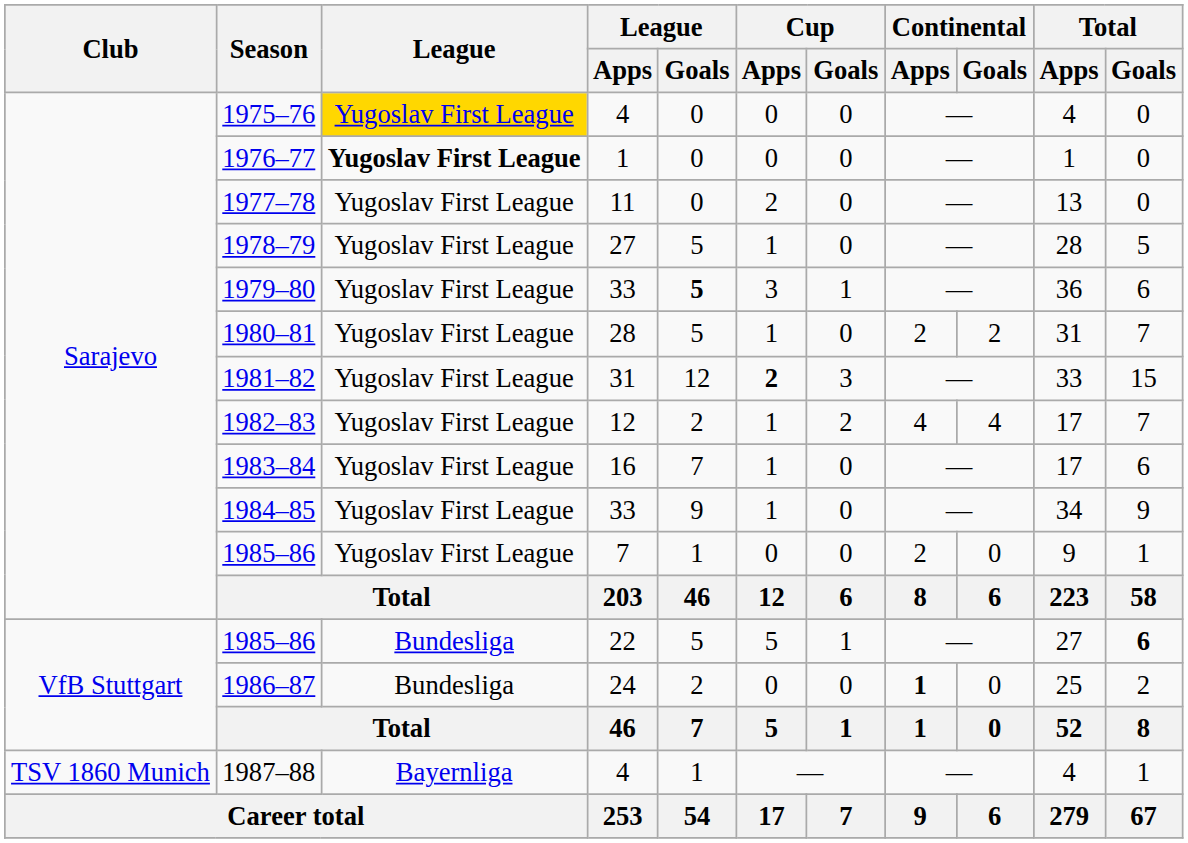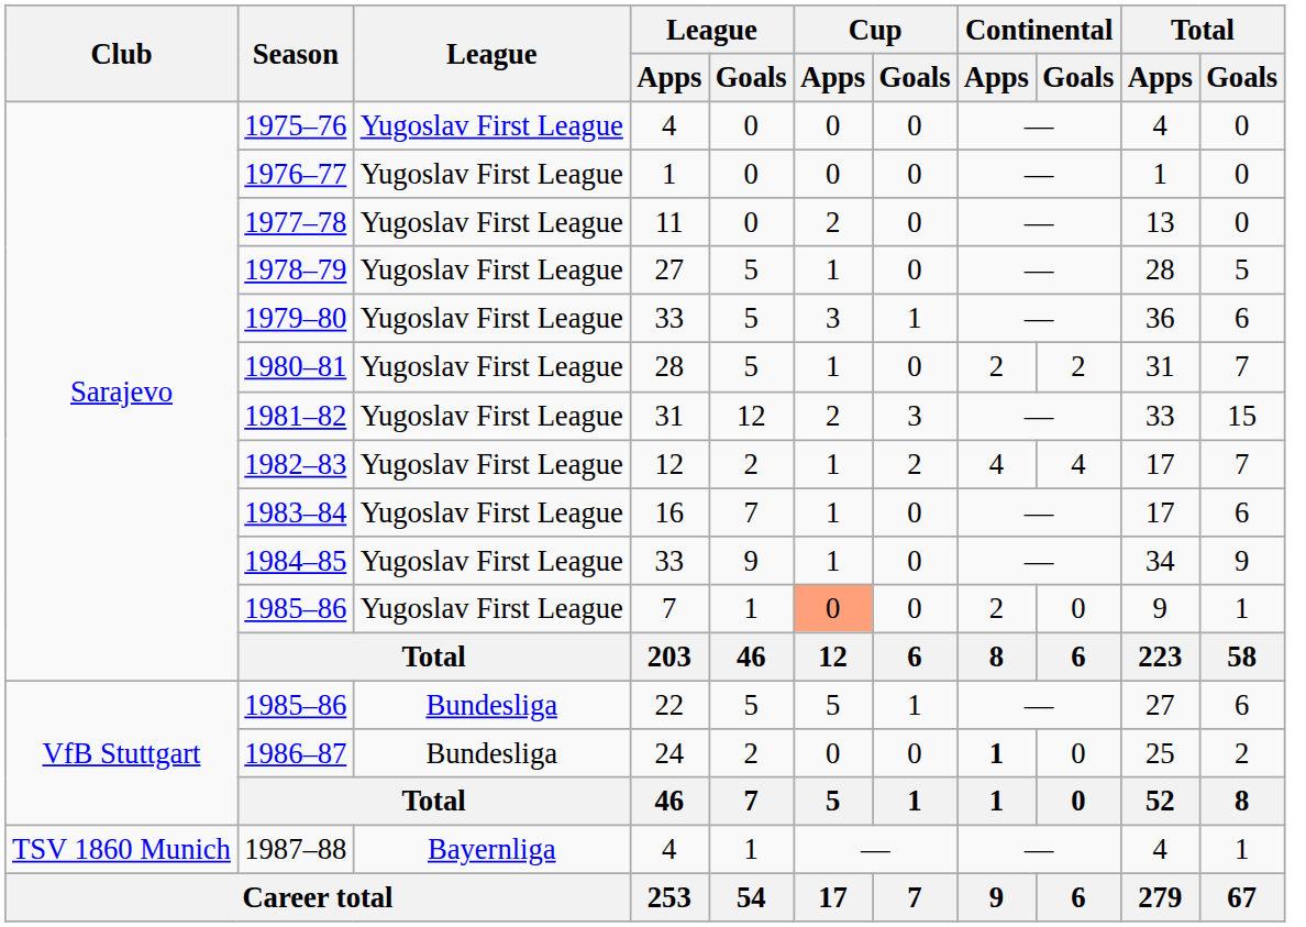 <table class="wikitable" style="text-align: center;font-size:95%">
 <tr>
 <th rowspan="2">Club</th>
 <th rowspan="2">Season</th>
 <th rowspan="2">League</th>
 <th colspan="2">League</th>
 <th colspan="2">Cup</th>
 <th colspan="2">Continental</th>
 <th colspan="2">Total</th>
 </tr>
 <tr>
 <th>Apps</th>
 <th>Goals</th>
 <th>Apps</th>
 <th>Goals</th>
 <th>Apps</th>
 <th>Goals</th>
 <th>Apps</th>
 <th>Goals</th>
 </tr>
 <tr>
 <td rowspan="12"><a href='#'>Sarajevo</a></td>
 <td><a href='#'>1975–76</a></td>
-<td style="background: gold;"><a href='#'>Yugoslav First League</a></td>
+<td><a href='#'>Yugoslav First League</a></td>
 <td>4</td>
 <td>0</td>
 <td>0</td>
 <td>0</td>
 <td colspan="2">—</td>
 <td>4</td>
 <td>0</td>
 </tr>
 <tr>
 <td><a href='#'>1976–77</a></td>
-<td><strong>Yugoslav First League</strong></td>
+<td>Yugoslav First League</td>
 <td>1</td>
 <td>0</td>
 <td>0</td>
 <td>0</td>
 <td colspan="2">—</td>
 <td>1</td>
 <td>0</td>
 </tr>
 <tr>
 <td><a href='#'>1977–78</a></td>
 <td>Yugoslav First League</td>
 <td>11</td>
 <td>0</td>
 <td>2</td>
 <td>0</td>
 <td colspan="2">—</td>
 <td>13</td>
 <td>0</td>
 </tr>
 <tr>
 <td><a href='#'>1978–79</a></td>
 <td>Yugoslav First League</td>
 <td>27</td>
 <td>5</td>
 <td>1</td>
 <td>0</td>
 <td colspan="2">—</td>
 <td>28</td>
 <td>5</td>
 </tr>
 <tr>
 <td><a href='#'>1979–80</a></td>
 <td>Yugoslav First League</td>
 <td>33</td>
-<td><strong>5</strong></td>
+<td>5</td>
 <td>3</td>
 <td>1</td>
 <td colspan="2">—</td>
 <td>36</td>
 <td>6</td>
 </tr>
 <tr>
 <td><a href='#'>1980–81</a></td>
 <td>Yugoslav First League</td>
 <td>28</td>
 <td>5</td>
 <td>1</td>
 <td>0</td>
 <td>2</td>
 <td>2</td>
 <td>31</td>
 <td>7</td>
 </tr>
 <tr>
 <td><a href='#'>1981–82</a></td>
 <td>Yugoslav First League</td>
 <td>31</td>
 <td>12</td>
-<td><strong>2</strong></td>
+<td>2</td>
 <td>3</td>
 <td colspan="2">—</td>
 <td>33</td>
 <td>15</td>
 </tr>
 <tr>
 <td><a href='#'>1982–83</a></td>
 <td>Yugoslav First League</td>
 <td>12</td>
 <td>2</td>
 <td>1</td>
 <td>2</td>
 <td>4</td>
 <td>4</td>
 <td>17</td>
 <td>7</td>
 </tr>
 <tr>
 <td><a href='#'>1983–84</a></td>
 <td>Yugoslav First League</td>
 <td>16</td>
 <td>7</td>
 <td>1</td>
 <td>0</td>
 <td colspan="2">—</td>
 <td>17</td>
 <td>6</td>
 </tr>
 <tr>
 <td><a href='#'>1984–85</a></td>
 <td>Yugoslav First League</td>
 <td>33</td>
 <td>9</td>
 <td>1</td>
 <td>0</td>
 <td colspan="2">—</td>
 <td>34</td>
 <td>9</td>
 </tr>
 <tr>
 <td><a href='#'>1985–86</a></td>
 <td>Yugoslav First League</td>
 <td>7</td>
 <td>1</td>
-<td>0</td>
+<td style="background: lightsalmon;">0</td>
 <td>0</td>
 <td>2</td>
 <td>0</td>
 <td>9</td>
 <td>1</td>
 </tr>
 <tr>
 <th colspan=2>Total</th>
 <th>203</th>
 <th>46</th>
 <th>12</th>
 <th>6</th>
 <th>8</th>
 <th>6</th>
 <th>223</th>
 <th>58</th>
 </tr>
 <tr>
 <td rowspan="3"><a href='#'>VfB Stuttgart</a></td>
 <td><a href='#'>1985–86</a></td>
 <td><a href='#'>Bundesliga</a></td>
 <td>22</td>
 <td>5</td>
 <td>5</td>
 <td>1</td>
 <td colspan="2">—</td>
 <td>27</td>
-<td><strong>6</strong></td>
+<td>6</td>
 </tr>
 <tr>
 <td><a href='#'>1986–87</a></td>
 <td>Bundesliga</td>
 <td>24</td>
 <td>2</td>
 <td>0</td>
 <td>0</td>
 <td><strong>1</strong></td>
 <td>0</td>
 <td>25</td>
 <td>2</td>
 </tr>
 <tr>
 <th colspan="2">Total</th>
 <th>46</th>
 <th>7</th>
 <th>5</th>
 <th>1</th>
 <th>1</th>
 <th>0</th>
 <th>52</th>
 <th>8</th>
 </tr>
 <tr>
 <td><a href='#'>TSV 1860 Munich</a></td>
 <td>1987–88</td>
 <td><a href='#'>Bayernliga</a></td>
 <td>4</td>
 <td>1</td>
 <td colspan="2">—</td>
 <td colspan="2">—</td>
 <td>4</td>
 <td>1</td>
 </tr>
 <tr>
 <th colspan="3">Career total</th>
 <th>253</th>
 <th>54</th>
 <th>17</th>
 <th>7</th>
 <th>9</th>
 <th>6</th>
 <th>279</th>
 <th>67</th>
 </tr>
 </table>
